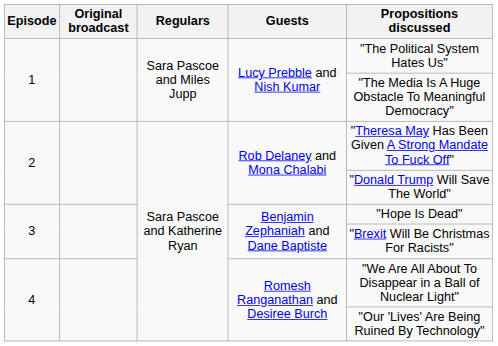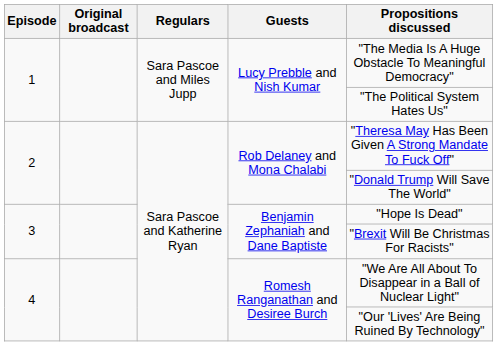 <table class="wikitable" style="text-align:center; width:70%;">
 <tr>
 <th>Episode</th>
 <th>Original broadcast</th>
 <th>Regulars</th>
 <th>Guests</th>
 <th>Propositions discussed</th>
 </tr>
 <tr>
 <td rowspan="2">1</td>
 <td rowspan="2"></td>
 <td rowspan="2">Sara Pascoe and Miles Jupp</td>
 <td rowspan="2"><a href='#'>Lucy Prebble</a> and <a href='#'>Nish Kumar</a></td>
-<td>"The Political System Hates Us"</td>
+<td>"The Media Is A Huge Obstacle To Meaningful Democracy"</td>
 </tr>
 <tr>
-<td>"The Media Is A Huge Obstacle To Meaningful Democracy"</td>
+<td>"The Political System Hates Us"</td>
 </tr>
 <tr>
 <td rowspan="2">2</td>
 <td rowspan="2"></td>
 <td rowspan="6">Sara Pascoe and Katherine Ryan</td>
 <td rowspan="2"><a href='#'>Rob Delaney</a> and <a href='#'>Mona Chalabi</a></td>
 <td>"<a href='#'>Theresa May</a> Has Been Given <a href='#'>A Strong Mandate To Fuck Off</a>"</td>
 </tr>
 <tr>
 <td>"<a href='#'>Donald Trump</a> Will Save The World"</td>
 </tr>
 <tr>
 <td rowspan="2">3</td>
 <td rowspan="2"></td>
 <td rowspan="2"><a href='#'>Benjamin Zephaniah</a> and <a href='#'>Dane Baptiste</a></td>
 <td>"Hope Is Dead"</td>
 </tr>
 <tr>
 <td>"<a href='#'>Brexit</a> Will Be Christmas For Racists"</td>
 </tr>
 <tr>
 <td rowspan="2">4</td>
 <td rowspan="2"></td>
 <td rowspan="2"><a href='#'>Romesh Ranganathan</a> and <a href='#'>Desiree Burch</a></td>
 <td>"We Are All About To Disappear in a Ball of Nuclear Light"</td>
 </tr>
 <tr>
 <td>"Our 'Lives' Are Being Ruined By Technology"</td>
 </tr>
 </table>
